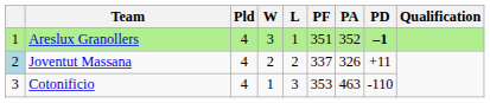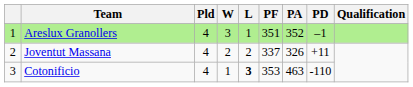 <table class="wikitable" style="text-align:center">
 <tr>
 <th width=15></th>
 <th width=220>Team</th>
 <th width=20>Pld</th>
 <th width=20>W</th>
 <th width=20>L</th>
 <th width=20>PF</th>
 <th width=20>PA</th>
 <th width=20>PD</th>
 <th width=20>Qualification</th>
 </tr>
 <tr style="background: #B0EE90">
 <td>1</td>
 <td align=left><a href='#'>Areslux Granollers</a></td>
 <td>4</td>
 <td>3</td>
 <td>1</td>
 <td>351</td>
 <td>352</td>
-<td><strong>–1</strong></td>
+<td>–1</td>
 <td></td>
 </tr>
 <tr>
-<td style="background: lightblue;">2</td>
+<td>2</td>
 <td align=left><a href='#'>Joventut Massana</a></td>
 <td>4</td>
 <td>2</td>
 <td>2</td>
 <td>337</td>
 <td>326</td>
 <td>+11</td>
 </tr>
 <tr>
 <td>3</td>
 <td align=left><a href='#'>Cotonificio</a></td>
 <td>4</td>
 <td>1</td>
-<td>3</td>
+<td><strong>3</strong></td>
 <td>353</td>
 <td>463</td>
 <td>-110</td>
 </tr>
 </table>
